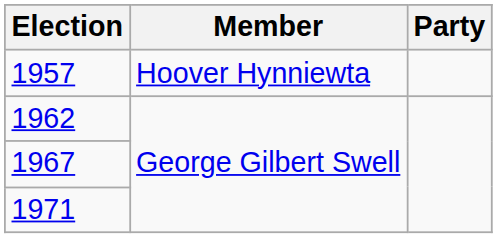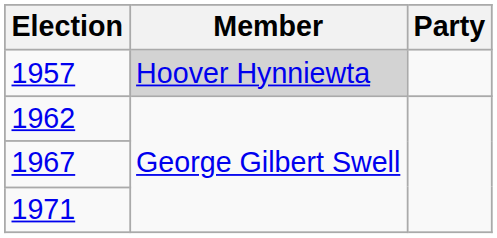 <table class="wikitable sortable">
 <tr>
 <th>Election</th>
 <th>Member</th>
 <th colspan="2">Party</th>
 </tr>
 <tr>
 <td><a href='#'>1957</a></td>
-<td><a href='#'>Hoover Hynniewta</a></td>
+<td style="background: lightgrey;"><a href='#'>Hoover Hynniewta</a></td>
 <td></td>
 </tr>
 <tr>
 <td><a href='#'>1962</a></td>
 <td rowspan="3"><a href='#'>George Gilbert Swell</a></td>
 </tr>
 <tr>
 <td><a href='#'>1967</a></td>
 </tr>
 <tr>
 <td><a href='#'>1971</a></td>
 </tr>
 </table>
